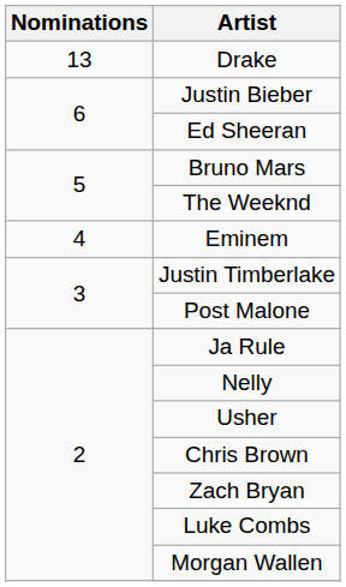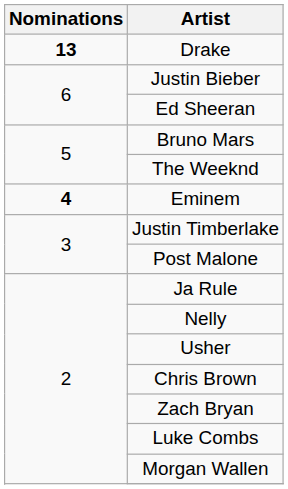 <table class="wikitable" style="text-align:center;">
 <tr>
 <th scope="col" width="55">Nominations</th>
 <th scope="col" align="center">Artist</th>
 </tr>
 <tr>
-<td rowspan=1 style="text-align:center">13</td>
+<td rowspan=1 style="text-align:center"><strong>13</strong></td>
 <td>Drake</td>
 </tr>
 <tr>
 <td rowspan=2 style="text-align:center">6</td>
 <td>Justin Bieber</td>
 </tr>
 <tr>
 <td>Ed Sheeran</td>
 </tr>
 <tr>
 <td rowspan=2 style="text-align:center">5</td>
 <td>Bruno Mars</td>
 </tr>
 <tr>
 <td>The Weeknd</td>
 </tr>
 <tr>
-<td rowspan=1 style="text-align:center">4</td>
+<td rowspan=1 style="text-align:center"><strong>4</strong></td>
 <td>Eminem</td>
 </tr>
 <tr>
 <td rowspan="2" style="text-align:center">3</td>
 <td>Justin Timberlake</td>
 </tr>
 <tr>
 <td>Post Malone</td>
 </tr>
 <tr>
 <td rowspan="8" style="text-align:center">2</td>
 <td>Ja Rule</td>
 </tr>
 <tr>
 <td>Nelly</td>
 </tr>
 <tr>
 <td>Usher</td>
 </tr>
 <tr>
 <td>Chris Brown</td>
 </tr>
 <tr>
 <td>Zach Bryan</td>
 </tr>
 <tr>
 <td>Luke Combs</td>
 </tr>
 <tr>
 <td>Morgan Wallen</td>
 </tr>
 <tr>
 </tr>
 </table>
